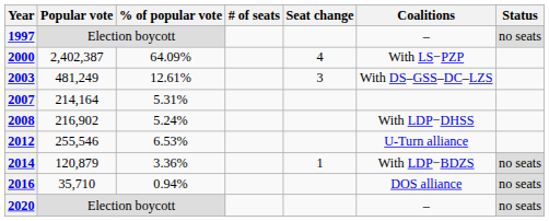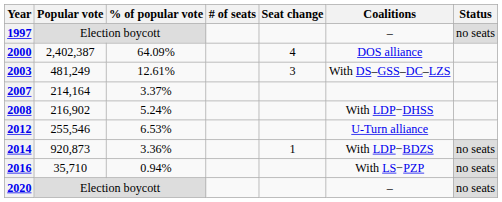 <table class="wikitable" style="text-align:center">
 <tr>
 <th>Year</th>
 <th>Popular vote</th>
 <th>% of popular vote</th>
 <th># of seats</th>
 <th>Seat change</th>
 <th>Coalitions</th>
 <th>Status</th>
 </tr>
 <tr>
 <th><a href='#'>1997</a></th>
 <td colspan=2 style="background:#ddd;">Election boycott</td>
 <td></td>
 <td></td>
 <td><em>–</em></td>
 <td style="background:#ddd;">no seats</td>
 </tr>
 <tr>
 <th><a href='#'>2000</a></th>
 <td>2,402,387</td>
 <td>64.09%</td>
 <td></td>
 <td> 4</td>
-<td>With <a href='#'>LS</a>−<a href='#'>PZP</a></td>
+<td><a href='#'>DOS alliance</a></td>
 <td></td>
 </tr>
 <tr>
 <th><a href='#'>2003</a></th>
 <td>481,249</td>
 <td>12.61%</td>
 <td></td>
 <td> 3</td>
 <td>With <a href='#'>DS</a>–<a href='#'>GSS</a>–<a href='#'>DC</a>–<a href='#'>LZS</a></td>
 <td></td>
 </tr>
 <tr>
 <th><a href='#'>2007</a></th>
 <td>214,164</td>
-<td>5.31%</td>
+<td>3.37%</td>
 <td></td>
 <td></td>
 <td></td>
 <td></td>
 </tr>
 <tr>
 <th><a href='#'>2008</a></th>
 <td>216,902</td>
 <td>5.24%</td>
 <td></td>
 <td></td>
 <td>With <a href='#'>LDP</a>−<a href='#'>DHSS</a></td>
 <td></td>
 </tr>
 <tr>
 <th><a href='#'>2012</a></th>
 <td>255,546</td>
 <td>6.53%</td>
 <td></td>
 <td></td>
 <td><a href='#'>U-Turn alliance</a></td>
 <td></td>
 </tr>
 <tr>
 <th><a href='#'>2014</a></th>
-<td>120,879</td>
+<td>920,873</td>
 <td>3.36%</td>
 <td></td>
 <td> 1</td>
 <td>With <a href='#'>LDP</a>−<a href='#'>BDZS</a></td>
 <td style="background:#ddd;">no seats</td>
 </tr>
 <tr>
 <th><a href='#'>2016</a></th>
 <td>35,710</td>
 <td>0.94%</td>
 <td></td>
 <td></td>
-<td><a href='#'>DOS alliance</a></td>
+<td>With <a href='#'>LS</a>−<a href='#'>PZP</a></td>
 <td style="background:#ddd;">no seats</td>
 </tr>
 <tr>
 <th><a href='#'>2020</a></th>
 <td colspan=2 style="background:#ddd;">Election boycott</td>
 <td></td>
 <td></td>
 <td><em>–</em></td>
 <td style="background:#ddd;">no seats</td>
 </tr>
 </table>
